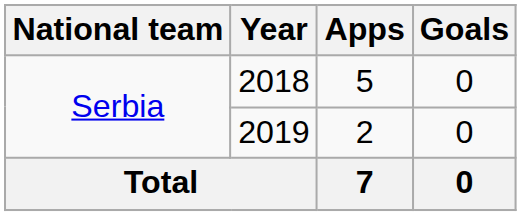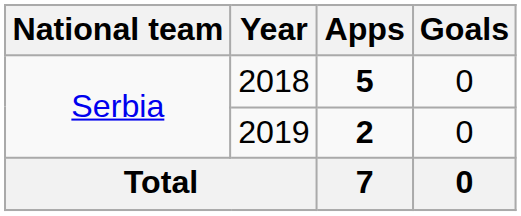 <table class="wikitable" style="text-align:center">
 <tr>
 <th>National team</th>
 <th>Year</th>
 <th>Apps</th>
 <th>Goals</th>
 </tr>
 <tr>
 <td rowspan="2"><a href='#'>Serbia</a></td>
 <td>2018</td>
-<td>5</td>
+<td><strong>5</strong></td>
 <td>0</td>
 </tr>
 <tr>
 <td>2019</td>
-<td>2</td>
+<td><strong>2</strong></td>
 <td>0</td>
 </tr>
 <tr>
 <th colspan="2">Total</th>
 <th>7</th>
 <th>0</th>
 </tr>
 </table>
